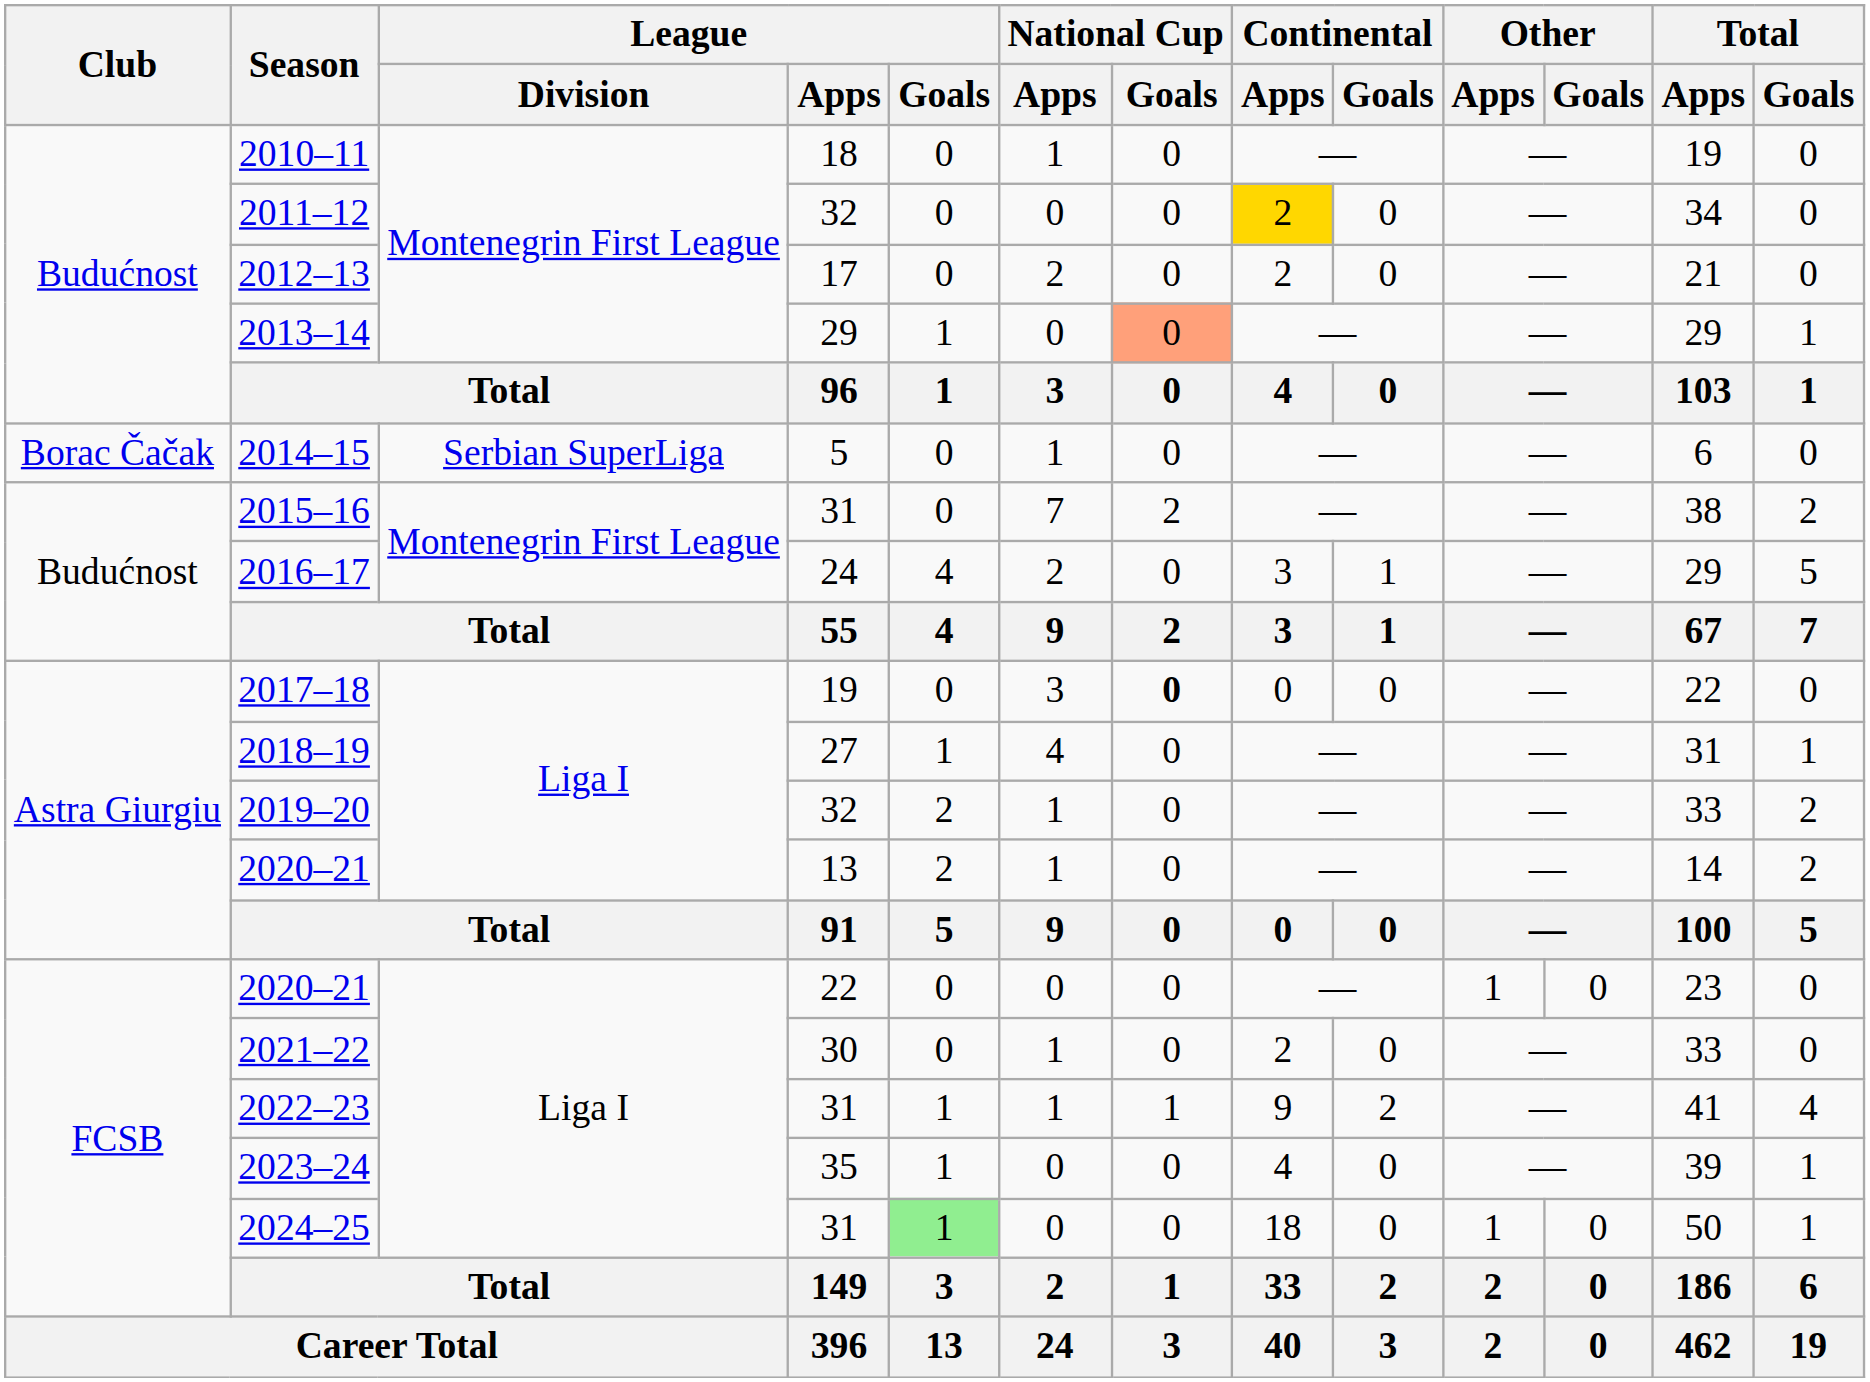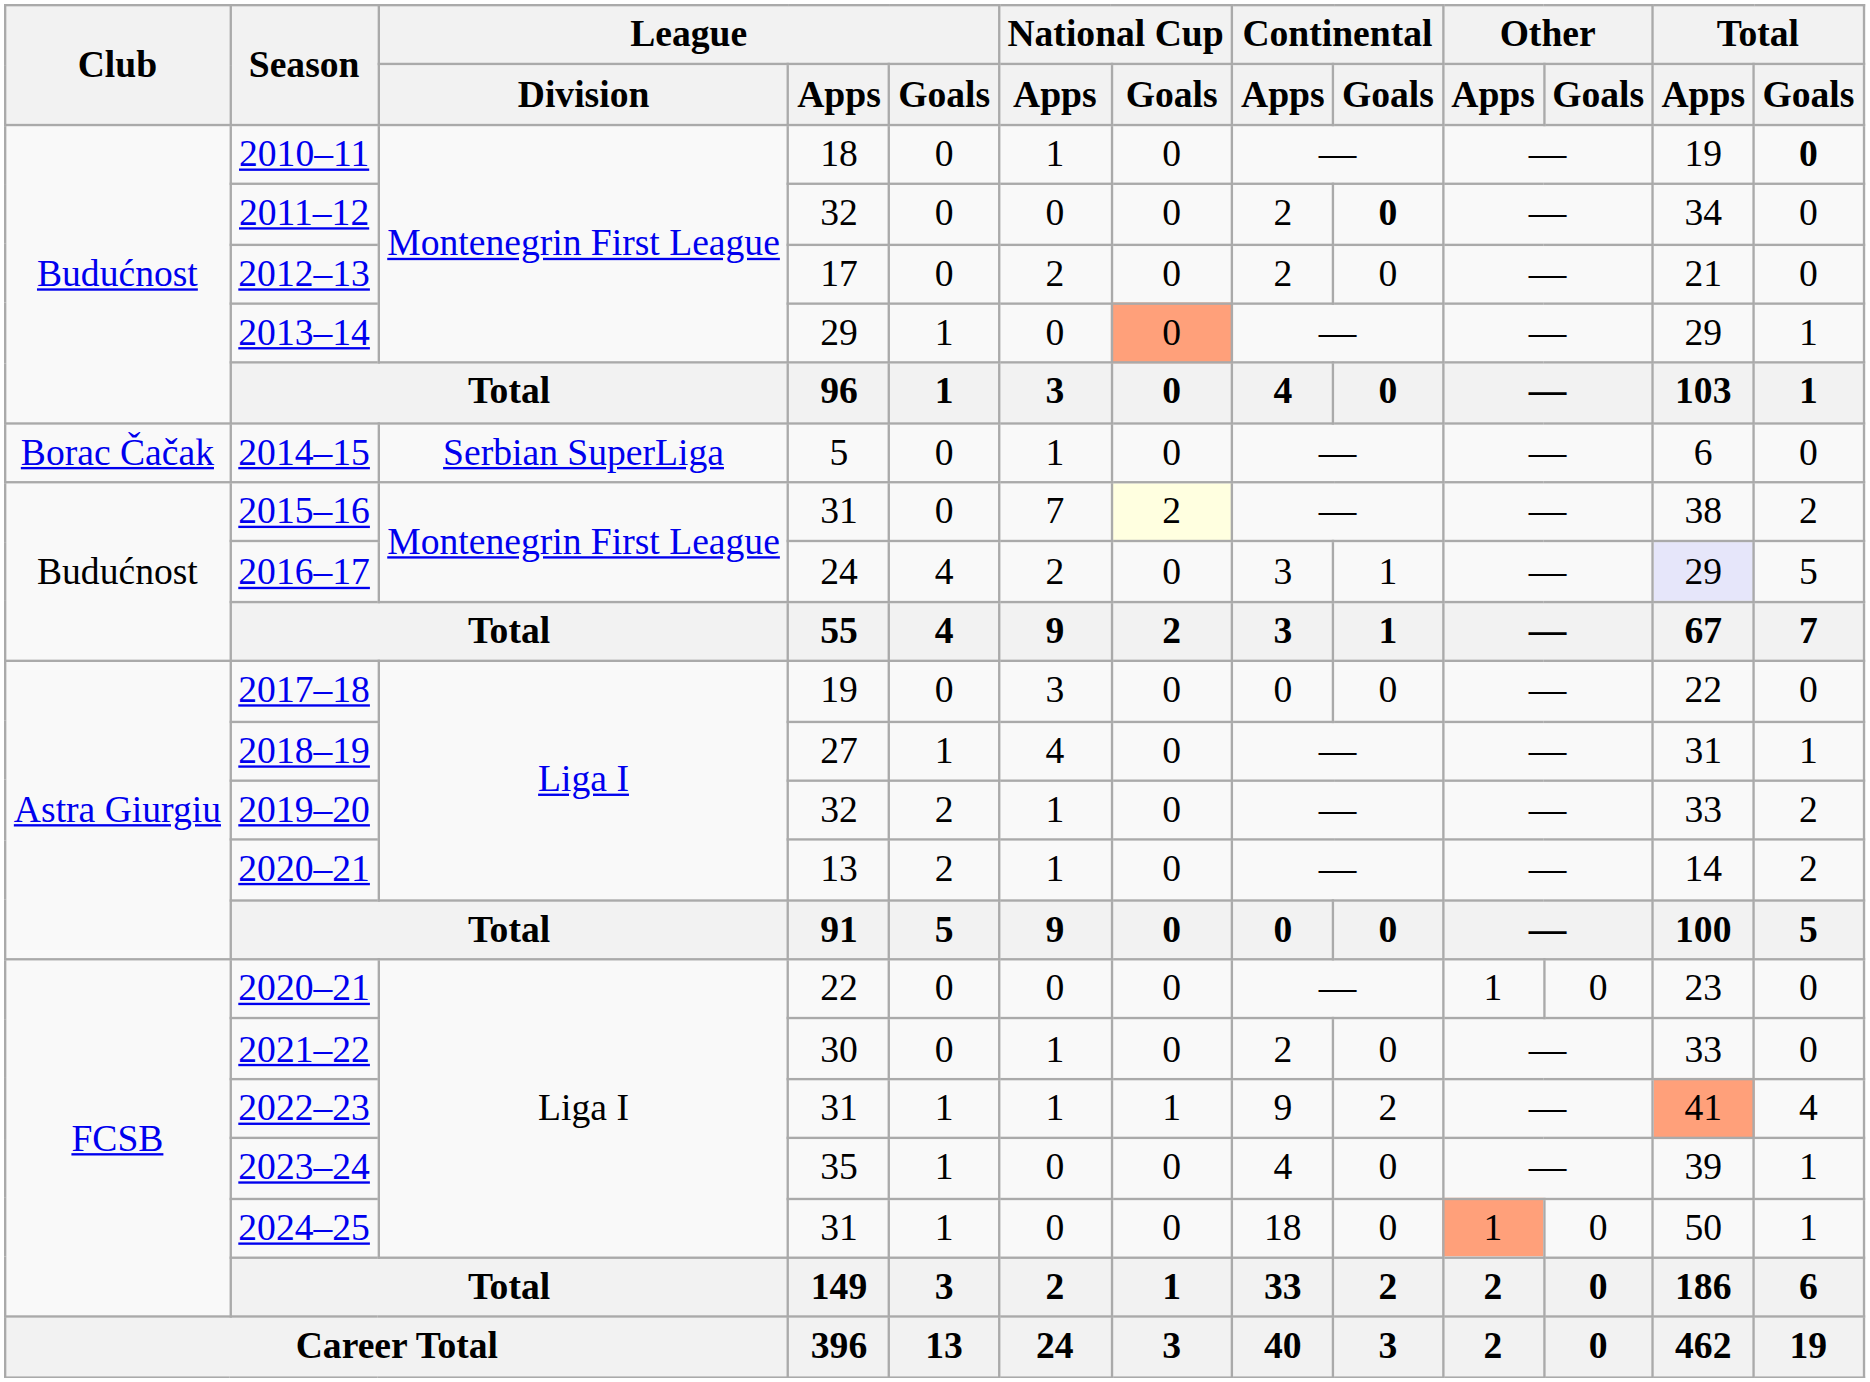 <table class="wikitable" style="text-align:center">
 <tr>
 <th rowspan="2">Club</th>
 <th rowspan="2">Season</th>
 <th colspan="3">League</th>
 <th colspan="2">National Cup</th>
 <th colspan="2">Continental</th>
 <th colspan="2">Other</th>
 <th colspan="2">Total</th>
 </tr>
 <tr>
 <th>Division</th>
 <th>Apps</th>
 <th>Goals</th>
 <th>Apps</th>
 <th>Goals</th>
 <th>Apps</th>
 <th>Goals</th>
 <th>Apps</th>
 <th>Goals</th>
 <th>Apps</th>
 <th>Goals</th>
 </tr>
 <tr>
 <td rowspan="5"><a href='#'>Budućnost</a></td>
 <td><a href='#'>2010–11</a></td>
 <td rowspan="4"><a href='#'>Montenegrin First League</a></td>
 <td>18</td>
 <td>0</td>
 <td>1</td>
 <td>0</td>
 <td colspan="2">―</td>
 <td colspan="2">―</td>
 <td>19</td>
-<td>0</td>
+<td><strong>0</strong></td>
 </tr>
 <tr>
 <td><a href='#'>2011–12</a></td>
 <td>32</td>
 <td>0</td>
 <td>0</td>
 <td>0</td>
-<td style="background: gold;">2</td>
-<td>0</td>
+<td>2</td>
+<td><strong>0</strong></td>
 <td colspan="2">―</td>
 <td>34</td>
 <td>0</td>
 </tr>
 <tr>
 <td><a href='#'>2012–13</a></td>
 <td>17</td>
 <td>0</td>
 <td>2</td>
 <td>0</td>
 <td>2</td>
 <td>0</td>
 <td colspan="2">―</td>
 <td>21</td>
 <td>0</td>
 </tr>
 <tr>
 <td><a href='#'>2013–14</a></td>
 <td>29</td>
 <td>1</td>
 <td>0</td>
 <td style="background: lightsalmon;">0</td>
 <td colspan="2">―</td>
 <td colspan="2">―</td>
 <td>29</td>
 <td>1</td>
 </tr>
 <tr>
 <th colspan="2">Total</th>
 <th>96</th>
 <th>1</th>
 <th>3</th>
 <th>0</th>
 <th>4</th>
 <th>0</th>
 <th colspan="2">―</th>
 <th>103</th>
 <th>1</th>
 </tr>
 <tr>
 <td><a href='#'>Borac Čačak</a></td>
 <td><a href='#'>2014–15</a></td>
 <td><a href='#'>Serbian SuperLiga</a></td>
 <td>5</td>
 <td>0</td>
 <td>1</td>
 <td>0</td>
 <td colspan="2">―</td>
 <td colspan="2">―</td>
 <td>6</td>
 <td>0</td>
 </tr>
 <tr>
 <td rowspan="3">Budućnost</td>
 <td><a href='#'>2015–16</a></td>
 <td rowspan="2"><a href='#'>Montenegrin First League</a></td>
 <td>31</td>
 <td>0</td>
 <td>7</td>
-<td>2</td>
+<td style="background: lightyellow;">2</td>
 <td colspan="2">―</td>
 <td colspan="2">―</td>
 <td>38</td>
 <td>2</td>
 </tr>
 <tr>
 <td><a href='#'>2016–17</a></td>
 <td>24</td>
 <td>4</td>
 <td>2</td>
 <td>0</td>
 <td>3</td>
 <td>1</td>
 <td colspan="2">―</td>
-<td>29</td>
+<td style="background: lavender;">29</td>
 <td>5</td>
 </tr>
 <tr>
 <th colspan="2">Total</th>
 <th>55</th>
 <th>4</th>
 <th>9</th>
 <th>2</th>
 <th>3</th>
 <th>1</th>
 <th colspan="2">―</th>
 <th>67</th>
 <th>7</th>
 </tr>
 <tr>
 <td rowspan="5"><a href='#'>Astra Giurgiu</a></td>
 <td><a href='#'>2017–18</a></td>
 <td rowspan="4"><a href='#'>Liga I</a></td>
 <td>19</td>
 <td>0</td>
 <td>3</td>
-<td><strong>0</strong></td>
+<td>0</td>
 <td>0</td>
 <td>0</td>
 <td colspan="2">―</td>
 <td>22</td>
 <td>0</td>
 </tr>
 <tr>
 <td><a href='#'>2018–19</a></td>
 <td>27</td>
 <td>1</td>
 <td>4</td>
 <td>0</td>
 <td colspan="2">―</td>
 <td colspan="2">―</td>
 <td>31</td>
 <td>1</td>
 </tr>
 <tr>
 <td><a href='#'>2019–20</a></td>
 <td>32</td>
 <td>2</td>
 <td>1</td>
 <td>0</td>
 <td colspan="2">―</td>
 <td colspan="2">―</td>
 <td>33</td>
 <td>2</td>
 </tr>
 <tr>
 <td><a href='#'>2020–21</a></td>
 <td>13</td>
 <td>2</td>
 <td>1</td>
 <td>0</td>
 <td colspan="2">―</td>
 <td colspan="2">―</td>
 <td>14</td>
 <td>2</td>
 </tr>
 <tr>
 <th colspan="2">Total</th>
 <th>91</th>
 <th>5</th>
 <th>9</th>
 <th>0</th>
 <th>0</th>
 <th>0</th>
 <th colspan="2">―</th>
 <th>100</th>
 <th>5</th>
 </tr>
 <tr>
 <td rowspan="6"><a href='#'>FCSB</a></td>
 <td><a href='#'>2020–21</a></td>
 <td rowspan="5">Liga I</td>
 <td>22</td>
 <td>0</td>
 <td>0</td>
 <td>0</td>
 <td colspan="2">―</td>
 <td>1</td>
 <td>0</td>
 <td>23</td>
 <td>0</td>
 </tr>
 <tr>
 <td><a href='#'>2021–22</a></td>
 <td>30</td>
 <td>0</td>
 <td>1</td>
 <td>0</td>
 <td>2</td>
 <td>0</td>
 <td colspan="2">―</td>
 <td>33</td>
 <td>0</td>
 </tr>
 <tr>
 <td><a href='#'>2022–23</a></td>
 <td>31</td>
 <td>1</td>
 <td>1</td>
 <td>1</td>
 <td>9</td>
 <td>2</td>
 <td colspan="2">―</td>
-<td>41</td>
+<td style="background: lightsalmon;">41</td>
 <td>4</td>
 </tr>
 <tr>
 <td><a href='#'>2023–24</a></td>
 <td>35</td>
 <td>1</td>
 <td>0</td>
 <td>0</td>
 <td>4</td>
 <td>0</td>
 <td colspan="2">―</td>
 <td>39</td>
 <td>1</td>
 </tr>
 <tr>
 <td><a href='#'>2024–25</a></td>
 <td>31</td>
-<td style="background: lightgreen;">1</td>
+<td>1</td>
 <td>0</td>
 <td>0</td>
 <td>18</td>
 <td>0</td>
-<td>1</td>
+<td style="background: lightsalmon;">1</td>
 <td>0</td>
 <td>50</td>
 <td>1</td>
 </tr>
 <tr>
 <th colspan="2">Total</th>
 <th>149</th>
 <th>3</th>
 <th>2</th>
 <th>1</th>
 <th>33</th>
 <th>2</th>
 <th>2</th>
 <th>0</th>
 <th>186</th>
 <th>6</th>
 </tr>
 <tr>
 <th colspan="3">Career Total</th>
 <th>396</th>
 <th>13</th>
 <th>24</th>
 <th>3</th>
 <th>40</th>
 <th>3</th>
 <th>2</th>
 <th>0</th>
 <th>462</th>
 <th>19</th>
 </tr>
 </table>
